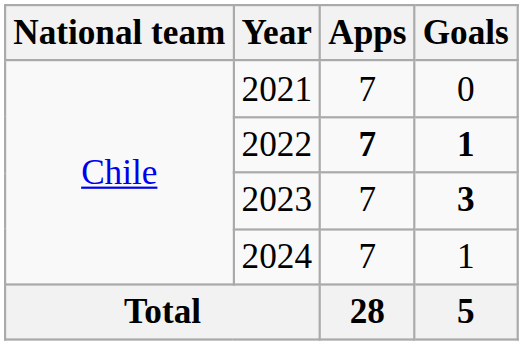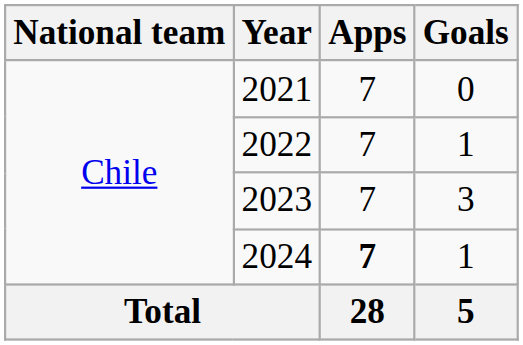 <table class=wikitable style=text-align:center>
 <tr>
 <th>National team</th>
 <th>Year</th>
 <th>Apps</th>
 <th>Goals</th>
 </tr>
 <tr>
 <td rowspan="4"><a href='#'>Chile</a></td>
 <td>2021</td>
 <td>7</td>
 <td>0</td>
 </tr>
 <tr>
 <td>2022</td>
-<td><strong>7</strong></td>
-<td><strong>1</strong></td>
+<td>7</td>
+<td>1</td>
 </tr>
 <tr>
 <td>2023</td>
 <td>7</td>
-<td><strong>3</strong></td>
+<td>3</td>
 </tr>
 <tr>
 <td>2024</td>
-<td>7</td>
+<td><strong>7</strong></td>
 <td>1</td>
 </tr>
 <tr>
 <th colspan="2">Total</th>
 <th>28</th>
 <th>5</th>
 </tr>
 </table>
